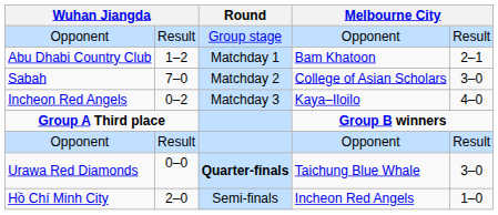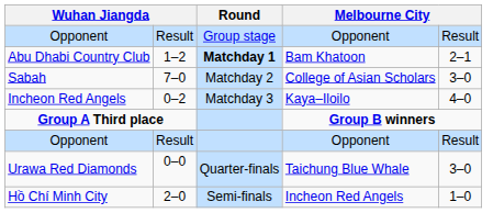 <table class="wikitable" style="text-align:center">
 <tr>
 <th colspan="4"><a href='#'>Wuhan Jiangda</a> </th>
 <th>Round</th>
 <th colspan="4"> <a href='#'>Melbourne City</a></th>
 </tr>
 <tr bgcolor="#c1e0ff">
 <td>Opponent</td>
 <td colspan="3">Result</td>
 <td><a href='#'>Group stage</a></td>
 <td>Opponent</td>
 <td colspan="3">Result</td>
 </tr>
 <tr>
 <td align="left"> <a href='#'>Abu Dhabi Country Club</a></td>
 <td colspan="3">1–2</td>
-<td bgcolor="#c1e0ff">Matchday 1</td>
+<td bgcolor="#c1e0ff"><strong>Matchday 1</strong></td>
 <td align="left"> <a href='#'>Bam Khatoon</a></td>
 <td colspan="3">2–1</td>
 </tr>
 <tr>
 <td align="left"> <a href='#'>Sabah</a></td>
 <td colspan="3">7–0</td>
 <td bgcolor="#c1e0ff">Matchday 2</td>
 <td align="left"> <a href='#'>College of Asian Scholars</a></td>
 <td colspan="3">3–0</td>
 </tr>
 <tr>
 <td align="left"> <a href='#'>Incheon Red Angels</a></td>
 <td colspan="3">0–2</td>
 <td bgcolor="#c1e0ff">Matchday 3</td>
 <td align="left"> <a href='#'>Kaya–Iloilo</a></td>
 <td colspan="3">4–0</td>
 </tr>
 <tr>
 <td colspan="4" valign="top" align="center"><strong><a href='#'>Group A</a> Third place</strong> </td>
 <td bgcolor="#c1e0ff"></td>
 <td colspan="4" valign="top" align="center"><strong><a href='#'>Group B</a> winners</strong> </td>
 </tr>
 <tr bgcolor="#c1e0ff">
 <td>Opponent</td>
 <td colspan="3">Result</td>
 <td></td>
 <td>Opponent</td>
 <td colspan="3">Result</td>
 </tr>
 <tr>
 <td align="left"> <a href='#'>Urawa Red Diamonds</a></td>
 <td colspan="3">0–0<br><br></td>
-<td bgcolor="#c1e0ff"><strong>Quarter-finals</strong></td>
+<td bgcolor="#c1e0ff">Quarter-finals</td>
 <td align="left"> <a href='#'>Taichung Blue Whale</a></td>
 <td colspan="3">3–0</td>
 </tr>
 <tr>
 <td align="left"> <a href='#'>Hồ Chí Minh City</a></td>
 <td colspan="3">2–0</td>
 <td bgcolor="#c1e0ff">Semi-finals</td>
 <td align="left"> <a href='#'>Incheon Red Angels</a></td>
 <td colspan="3">1–0</td>
 </tr>
 </table>
